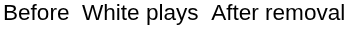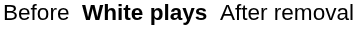 <table border="0" cellspacing="0" cellpadding="0">
 <tr valign="top">
 <td><br></td>
 <td>  </td>
 <td><br></td>
 <td>  </td>
 <td><br></td>
 </tr>
 <tr valign="top">
 <td>Before</td>
 <td>  </td>
-<td>White plays</td>
+<td><strong>White plays</strong></td>
 <td>  </td>
 <td>After removal</td>
 </tr>
 </table>
